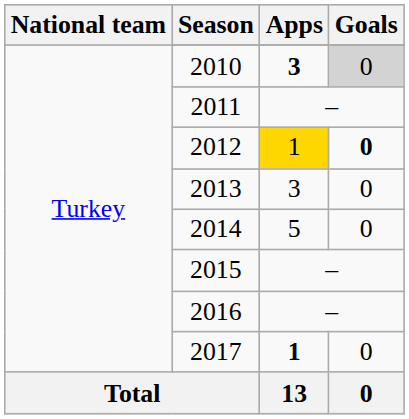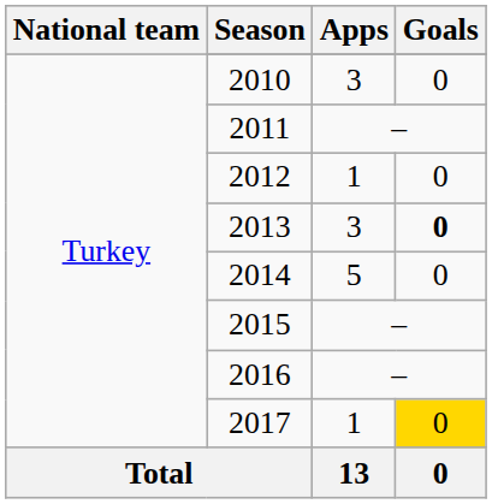 <table class="wikitable" style="text-align: center;">
 <tr>
 <th>National team</th>
 <th>Season</th>
 <th>Apps</th>
 <th>Goals</th>
 </tr>
 <tr>
 <td rowspan="9" valign="center"><a href='#'>Turkey</a></td>
 </tr>
 <tr>
 <td>2010</td>
-<td><strong>3</strong></td>
-<td style="background: lightgrey;">0</td>
+<td>3</td>
+<td>0</td>
 </tr>
 <tr>
 <td>2011</td>
 <td colspan="2">–</td>
 </tr>
 <tr>
 <td>2012</td>
-<td style="background: gold;">1</td>
-<td><strong>0</strong></td>
+<td>1</td>
+<td>0</td>
 </tr>
 <tr>
 <td>2013</td>
 <td>3</td>
-<td>0</td>
+<td><strong>0</strong></td>
 </tr>
 <tr>
 <td>2014</td>
 <td>5</td>
 <td>0</td>
 </tr>
 <tr>
 <td>2015</td>
 <td colspan="2">–</td>
 </tr>
 <tr>
 <td>2016</td>
 <td colspan="2">–</td>
 </tr>
 <tr>
 <td>2017</td>
-<td><strong>1</strong></td>
-<td>0</td>
+<td>1</td>
+<td style="background: gold;">0</td>
 </tr>
 <tr>
 <th colspan="2">Total</th>
 <th>13</th>
 <th>0</th>
 </tr>
 </table>
